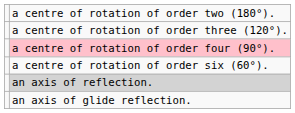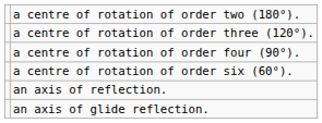 <table class="wikitable">
 <tr>
 <td align="right"></td>
 <td>a centre of rotation of order two (180°).</td>
 </tr>
 <tr>
 <td align="right"></td>
 <td>a centre of rotation of order three (120°).</td>
 </tr>
 <tr>
 <td align="right"></td>
-<td style="background: pink;">a centre of rotation of order four (90°).</td>
+<td>a centre of rotation of order four (90°).</td>
 </tr>
 <tr>
 <td align="right"></td>
 <td>a centre of rotation of order six (60°).</td>
 </tr>
 <tr>
 <td align="right"></td>
-<td style="background: lightgrey;">an axis of reflection.</td>
+<td>an axis of reflection.</td>
 </tr>
 <tr>
 <td align="right"></td>
 <td>an axis of glide reflection.</td>
 </tr>
 </table>
